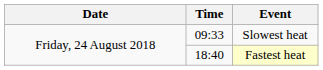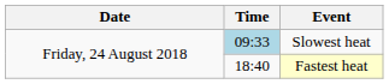 <table class = "wikitable" style="text-align:center;">
 <tr>
 <th width=220>Date</th>
 <th width=50>Time</th>
 <th width=100>Event</th>
 </tr>
 <tr>
 <td rowspan=2>Friday, 24 August 2018</td>
-<td>09:33</td>
+<td style="background: lightblue;">09:33</td>
 <td>Slowest heat</td>
 </tr>
 <tr>
 <td>18:40</td>
 <td bgcolor=ffffcc>Fastest heat</td>
 </tr>
 </table>
